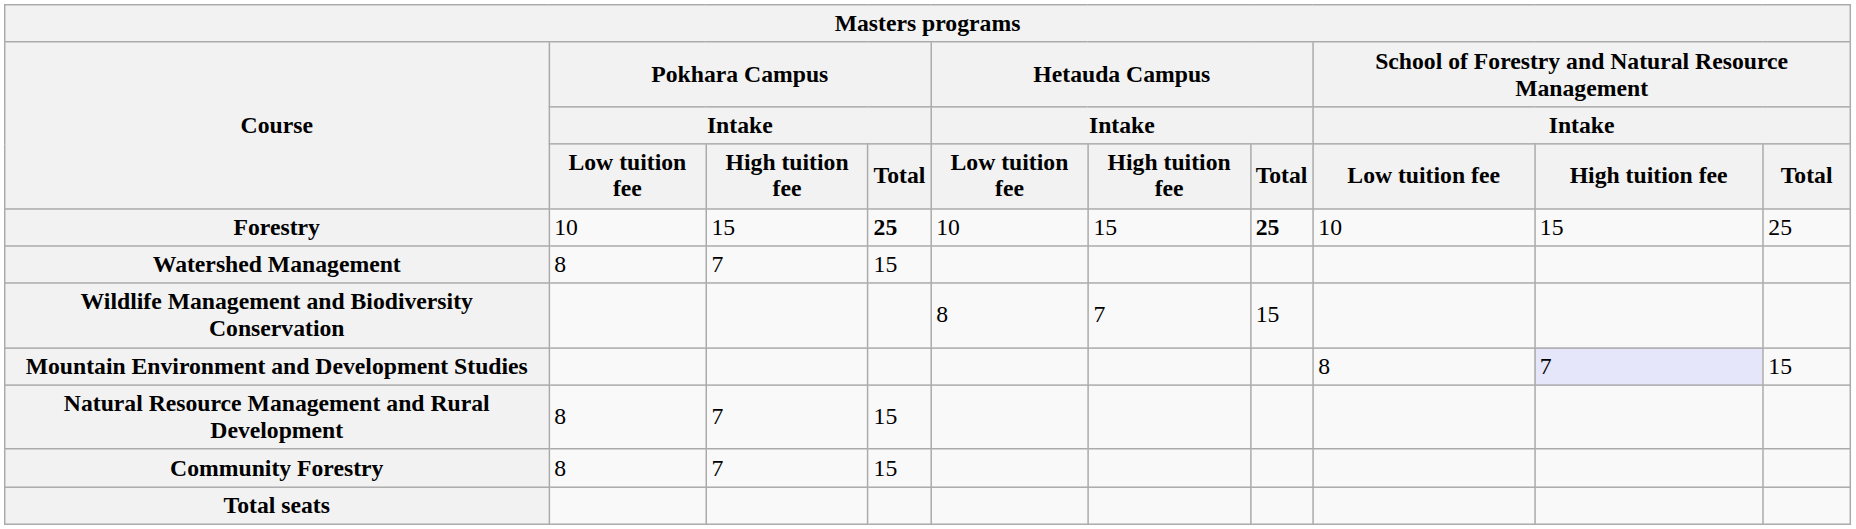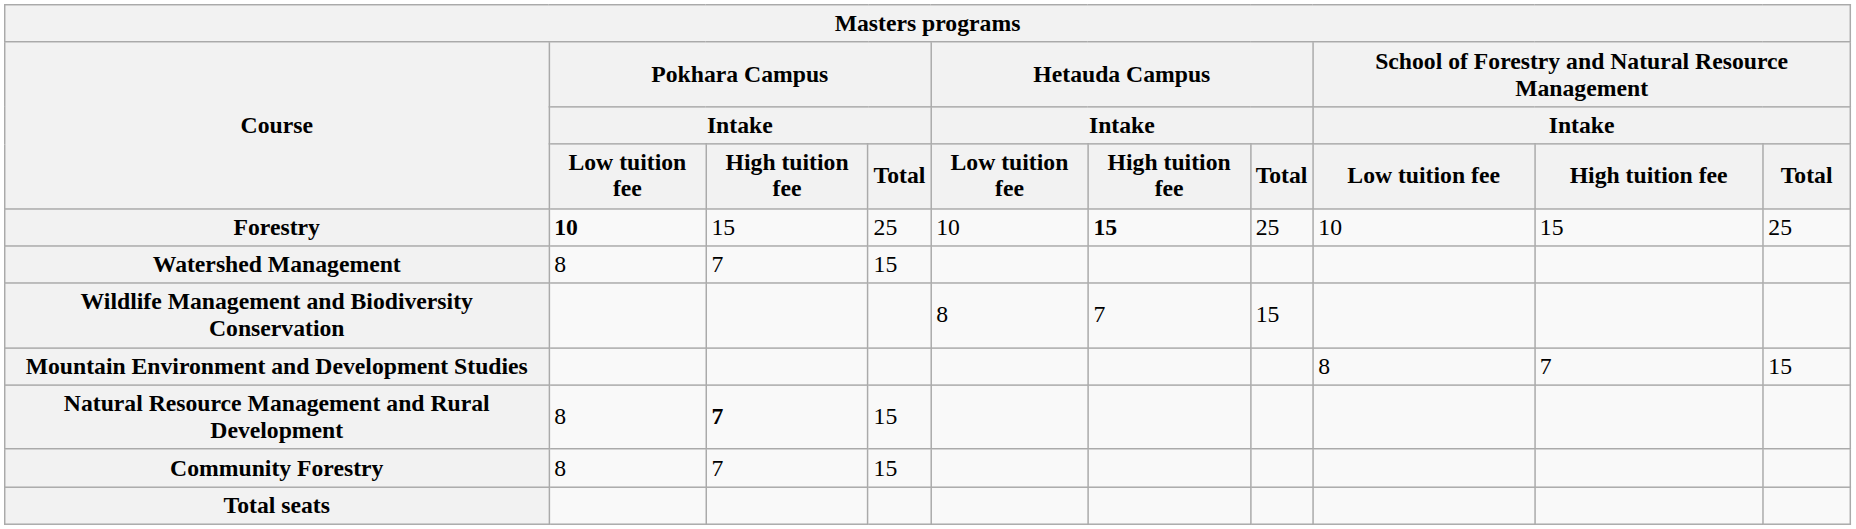 <table class="wikitable">
 <tr>
 <th colspan="10">Masters programs</th>
 </tr>
 <tr>
 <th rowspan="3">Course</th>
 <th colspan="3">Pokhara Campus</th>
 <th colspan="3">Hetauda Campus</th>
 <th colspan="3">School of Forestry and Natural Resource Management</th>
 </tr>
 <tr>
 <th colspan="3">Intake</th>
 <th colspan="3">Intake</th>
 <th colspan="3">Intake</th>
 </tr>
 <tr>
 <th>Low tuition fee</th>
 <th>High tuition fee</th>
 <th>Total</th>
 <th>Low tuition fee</th>
 <th>High tuition fee</th>
 <th>Total</th>
 <th>Low tuition fee</th>
 <th>High tuition fee</th>
 <th>Total</th>
 </tr>
 <tr>
 <th>Forestry</th>
+<td><strong>10</strong></td>
+<td>15</td>
+<td>25</td>
 <td>10</td>
-<td>15</td>
-<td><strong>25</strong></td>
-<td>10</td>
-<td>15</td>
-<td><strong>25</strong></td>
+<td><strong>15</strong></td>
+<td>25</td>
 <td>10</td>
 <td>15</td>
 <td>25</td>
 </tr>
 <tr>
 <th>Watershed Management</th>
 <td>8</td>
 <td>7</td>
 <td>15</td>
 <td></td>
 <td></td>
 <td></td>
 <td></td>
 <td></td>
 <td></td>
 </tr>
 <tr>
 <th>Wildlife Management and Biodiversity Conservation</th>
 <td></td>
 <td></td>
 <td></td>
 <td>8</td>
 <td>7</td>
 <td>15</td>
 <td></td>
 <td></td>
 <td></td>
 </tr>
 <tr>
 <th>Mountain Environment and Development Studies</th>
 <td></td>
 <td></td>
 <td></td>
 <td></td>
 <td></td>
 <td></td>
 <td>8</td>
-<td style="background: lavender;">7</td>
+<td>7</td>
 <td>15</td>
 </tr>
 <tr>
 <th>Natural Resource Management and Rural Development</th>
 <td>8</td>
-<td>7</td>
+<td><strong>7</strong></td>
 <td>15</td>
 <td></td>
 <td></td>
 <td></td>
 <td></td>
 <td></td>
 <td></td>
 </tr>
 <tr>
 <th>Community Forestry</th>
 <td>8</td>
 <td>7</td>
 <td>15</td>
 <td></td>
 <td></td>
 <td></td>
 <td></td>
 <td></td>
 <td></td>
 </tr>
 <tr>
 <th>Total seats</th>
 <td></td>
 <td></td>
 <td></td>
 <td></td>
 <td></td>
 <td></td>
 <td></td>
 <td></td>
 <td></td>
 </tr>
 </table>
